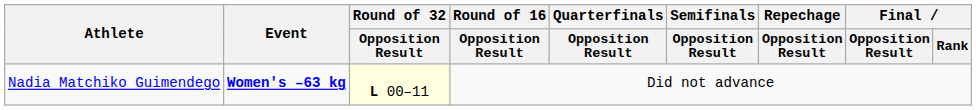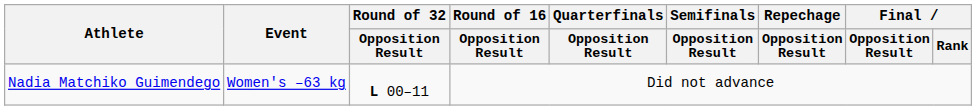 <table class="wikitable" style="font-size:90%">
 <tr>
 <th rowspan="2">Athlete</th>
 <th rowspan="2">Event</th>
 <th>Round of 32</th>
 <th>Round of 16</th>
 <th>Quarterfinals</th>
 <th>Semifinals</th>
 <th>Repechage</th>
 <th colspan=2>Final / </th>
 </tr>
 <tr style="font-size:95%">
 <th>Opposition<br>Result</th>
 <th>Opposition<br>Result</th>
 <th>Opposition<br>Result</th>
 <th>Opposition<br>Result</th>
 <th>Opposition<br>Result</th>
 <th>Opposition<br>Result</th>
 <th>Rank</th>
 </tr>
 <tr align=center>
 <td align=left><a href='#'>Nadia Matchiko Guimendego</a></td>
-<td align=left><strong><a href='#'>Women's –63 kg</a></strong></td>
-<td style="background: lightyellow;"><br><strong>L</strong> 00–11</td>
+<td align=left><a href='#'>Women's –63 kg</a></td>
+<td><br><strong>L</strong> 00–11</td>
 <td colspan="6">Did not advance</td>
 </tr>
 </table>
